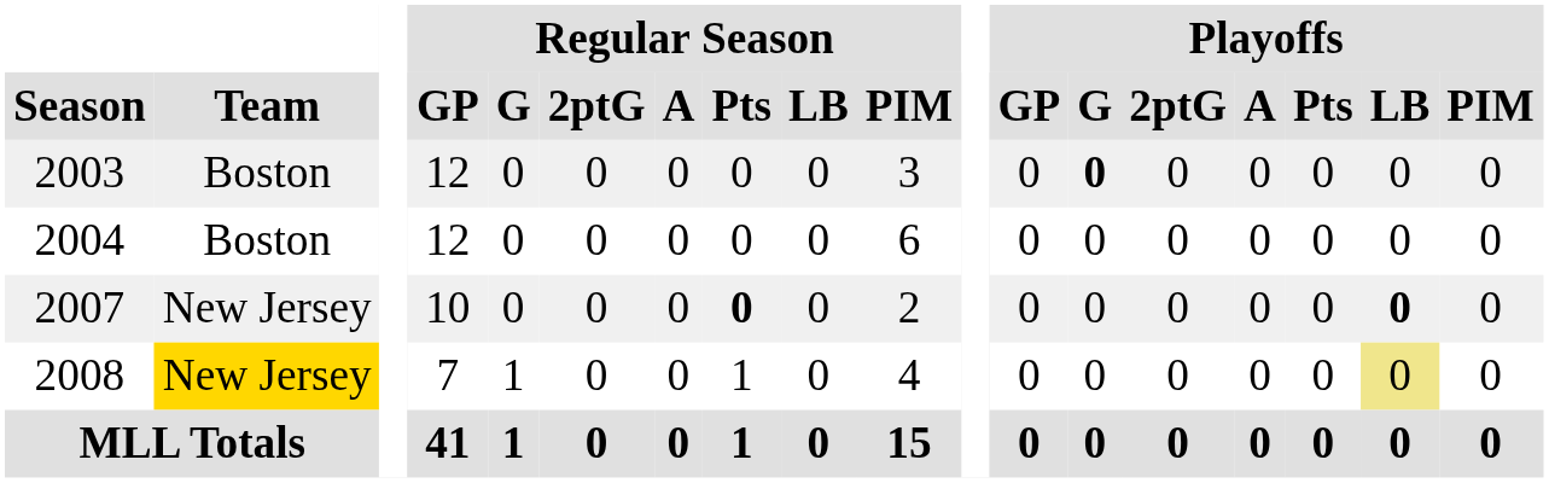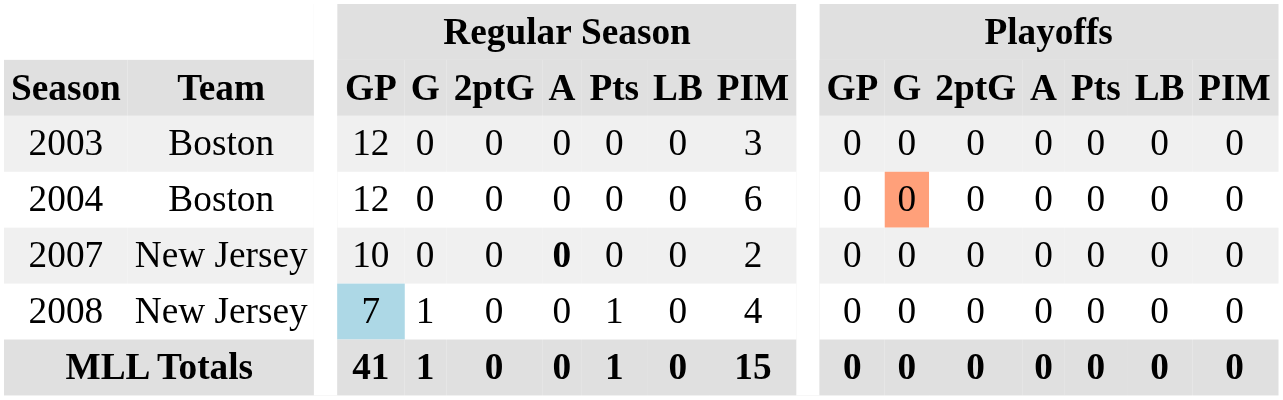 <table BORDER="0" CELLPADDING="3" CELLSPACING="0">
 <tr ALIGN="center" bgcolor="#e0e0e0">
 <th colspan="2" bgcolor="#ffffff"> </th>
 <th rowspan="99" bgcolor="#ffffff"> </th>
 <th colspan="7">Regular Season</th>
 <th rowspan="99" bgcolor="#ffffff"> </th>
 <th colspan="7">Playoffs</th>
 </tr>
 <tr ALIGN="center" bgcolor="#e0e0e0">
 <th>Season</th>
 <th>Team</th>
 <th>GP</th>
 <th>G</th>
 <th>2ptG</th>
 <th>A</th>
 <th>Pts</th>
 <th>LB</th>
 <th>PIM</th>
 <th>GP</th>
 <th>G</th>
 <th>2ptG</th>
 <th>A</th>
 <th>Pts</th>
 <th>LB</th>
 <th>PIM</th>
 </tr>
 <tr ALIGN="center" bgcolor="#f0f0f0">
 <td>2003</td>
 <td>Boston</td>
 <td>12</td>
 <td>0</td>
 <td>0</td>
 <td>0</td>
 <td>0</td>
 <td>0</td>
 <td>3</td>
 <td>0</td>
-<td><strong>0</strong></td>
+<td>0</td>
 <td>0</td>
 <td>0</td>
 <td>0</td>
 <td>0</td>
 <td>0</td>
 </tr>
 <tr ALIGN="center">
 <td>2004</td>
 <td>Boston</td>
 <td>12</td>
 <td>0</td>
 <td>0</td>
 <td>0</td>
 <td>0</td>
 <td>0</td>
 <td>6</td>
 <td>0</td>
-<td>0</td>
+<td style="background: lightsalmon;">0</td>
 <td>0</td>
 <td>0</td>
 <td>0</td>
 <td>0</td>
 <td>0</td>
 </tr>
 <tr ALIGN="center" bgcolor="#f0f0f0">
 <td>2007</td>
 <td>New Jersey</td>
 <td>10</td>
 <td>0</td>
 <td>0</td>
+<td><strong>0</strong></td>
 <td>0</td>
-<td><strong>0</strong></td>
 <td>0</td>
 <td>2</td>
 <td>0</td>
 <td>0</td>
 <td>0</td>
 <td>0</td>
 <td>0</td>
-<td><strong>0</strong></td>
+<td>0</td>
 <td>0</td>
 </tr>
 <tr ALIGN="center">
 <td>2008</td>
-<td style="background: gold;">New Jersey</td>
-<td>7</td>
+<td>New Jersey</td>
+<td style="background: lightblue;">7</td>
 <td>1</td>
 <td>0</td>
 <td>0</td>
 <td>1</td>
 <td>0</td>
 <td>4</td>
 <td>0</td>
 <td>0</td>
 <td>0</td>
 <td>0</td>
 <td>0</td>
-<td style="background: khaki;">0</td>
+<td>0</td>
 <td>0</td>
 </tr>
 <tr ALIGN="center" bgcolor="#e0e0e0">
 <th colspan="2">MLL Totals</th>
 <th>41</th>
 <th>1</th>
 <th>0</th>
 <th>0</th>
 <th>1</th>
 <th>0</th>
 <th>15</th>
 <th>0</th>
 <th>0</th>
 <th>0</th>
 <th>0</th>
 <th>0</th>
 <th>0</th>
 <th>0</th>
 </tr>
 </table>
